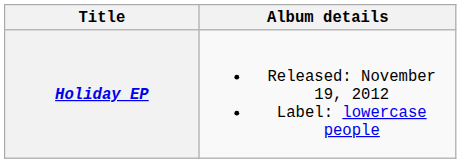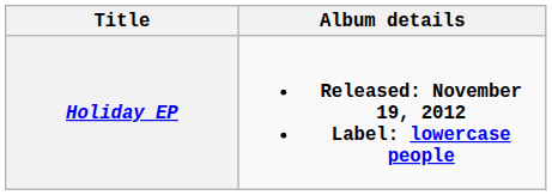 <table class="wikitable plainrowheaders" style="text-align:center;" border="1">
 <tr>
 <th scope="col" style="width:12em;">Title</th>
 <th scope="col" style="width:16em;">Album details</th>
 </tr>
 <tr>
 <th scope="row"><em><a href='#'>Holiday EP</a></em></th>
-<td><br><ul><li>Released: November 19, 2012</li><li>Label: <a href='#'>lowercase people</a></li></ul></td>
+<td><strong><br><ul><li>Released: November 19, 2012</li><li>Label: <a href='#'>lowercase people</a></li></ul></strong></td>
 </tr>
 </table>
